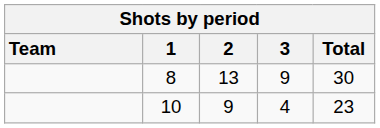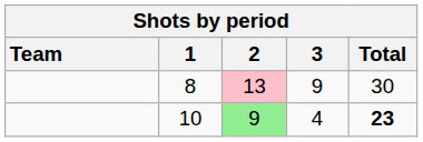 <table class="wikitable" style="width:20em;">
 <tr>
 <th colspan="6">Shots by period</th>
 </tr>
 <tr>
 <th style="width:8em; text-align:left;">Team</th>
 <th style="width:3em;">1</th>
 <th style="width:3em;">2</th>
 <th style="width:3em;">3</th>
 <th style="width:3em;">Total</th>
 </tr>
 <tr style="text-align:center;">
 <td style="text-align:left;"></td>
 <td>8</td>
-<td>13</td>
+<td style="background: pink;">13</td>
 <td>9</td>
 <td>30</td>
 </tr>
 <tr style="text-align:center;">
 <td style="text-align:left;"></td>
 <td>10</td>
-<td>9</td>
+<td style="background: lightgreen;">9</td>
 <td>4</td>
-<td>23</td>
+<td><strong>23</strong></td>
 </tr>
 </table>
